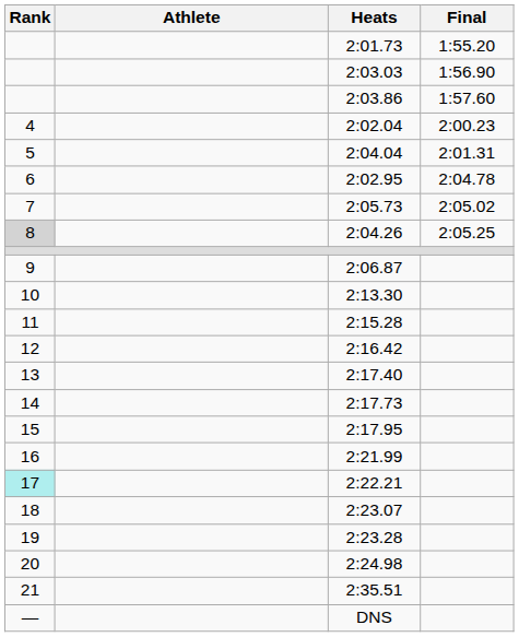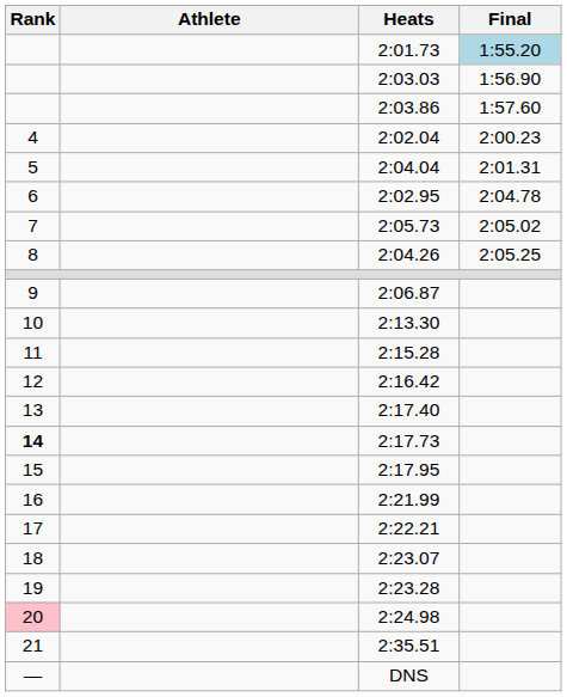 <table class=wikitable style="text-align:center">
 <tr>
 <th width=40>Rank</th>
 <th width=250>Athlete</th>
 <th width=80>Heats</th>
 <th width=80>Final</th>
 </tr>
 <tr>
 <td></td>
 <td align=left></td>
 <td>2:01.73</td>
-<td>1:55.20</td>
+<td style="background: lightblue;">1:55.20</td>
 </tr>
 <tr>
 <td></td>
 <td align=left></td>
 <td>2:03.03</td>
 <td>1:56.90</td>
 </tr>
 <tr>
 <td></td>
 <td align=left></td>
 <td>2:03.86</td>
 <td>1:57.60</td>
 </tr>
 <tr>
 <td>4</td>
 <td align=left></td>
 <td>2:02.04</td>
 <td>2:00.23</td>
 </tr>
 <tr>
 <td>5</td>
 <td align=left></td>
 <td>2:04.04</td>
 <td>2:01.31</td>
 </tr>
 <tr>
 <td>6</td>
 <td align=left></td>
 <td>2:02.95</td>
 <td>2:04.78</td>
 </tr>
 <tr>
 <td>7</td>
 <td align=left></td>
 <td>2:05.73</td>
 <td>2:05.02</td>
 </tr>
 <tr>
-<td style="background: lightgrey;">8</td>
+<td>8</td>
 <td align=left></td>
 <td>2:04.26</td>
 <td>2:05.25</td>
 </tr>
 <tr bgcolor=#DDDDDD>
 <td colspan=4></td>
 </tr>
 <tr>
 <td>9</td>
 <td align=left></td>
 <td>2:06.87</td>
 <td></td>
 </tr>
 <tr>
 <td>10</td>
 <td align=left></td>
 <td>2:13.30</td>
 <td></td>
 </tr>
 <tr>
 <td>11</td>
 <td align=left></td>
 <td>2:15.28</td>
 <td></td>
 </tr>
 <tr>
 <td>12</td>
 <td align=left></td>
 <td>2:16.42</td>
 <td></td>
 </tr>
 <tr>
 <td>13</td>
 <td align=left></td>
 <td>2:17.40</td>
 <td></td>
 </tr>
 <tr>
-<td>14</td>
+<td><strong>14</strong></td>
 <td align=left></td>
 <td>2:17.73</td>
 <td></td>
 </tr>
 <tr>
 <td>15</td>
 <td align=left></td>
 <td>2:17.95</td>
 <td></td>
 </tr>
 <tr>
 <td>16</td>
 <td align=left></td>
 <td>2:21.99</td>
 <td></td>
 </tr>
 <tr>
-<td style="background: paleturquoise;">17</td>
+<td>17</td>
 <td align=left></td>
 <td>2:22.21</td>
 <td></td>
 </tr>
 <tr>
 <td>18</td>
 <td align=left></td>
 <td>2:23.07</td>
 <td></td>
 </tr>
 <tr>
 <td>19</td>
 <td align=left></td>
 <td>2:23.28</td>
 <td></td>
 </tr>
 <tr>
-<td>20</td>
+<td style="background: pink;">20</td>
 <td align=left></td>
 <td>2:24.98</td>
 <td></td>
 </tr>
 <tr>
 <td>21</td>
 <td align=left></td>
 <td>2:35.51</td>
 <td></td>
 </tr>
 <tr>
 <td>—</td>
 <td align=left></td>
 <td>DNS</td>
 <td></td>
 </tr>
 </table>
